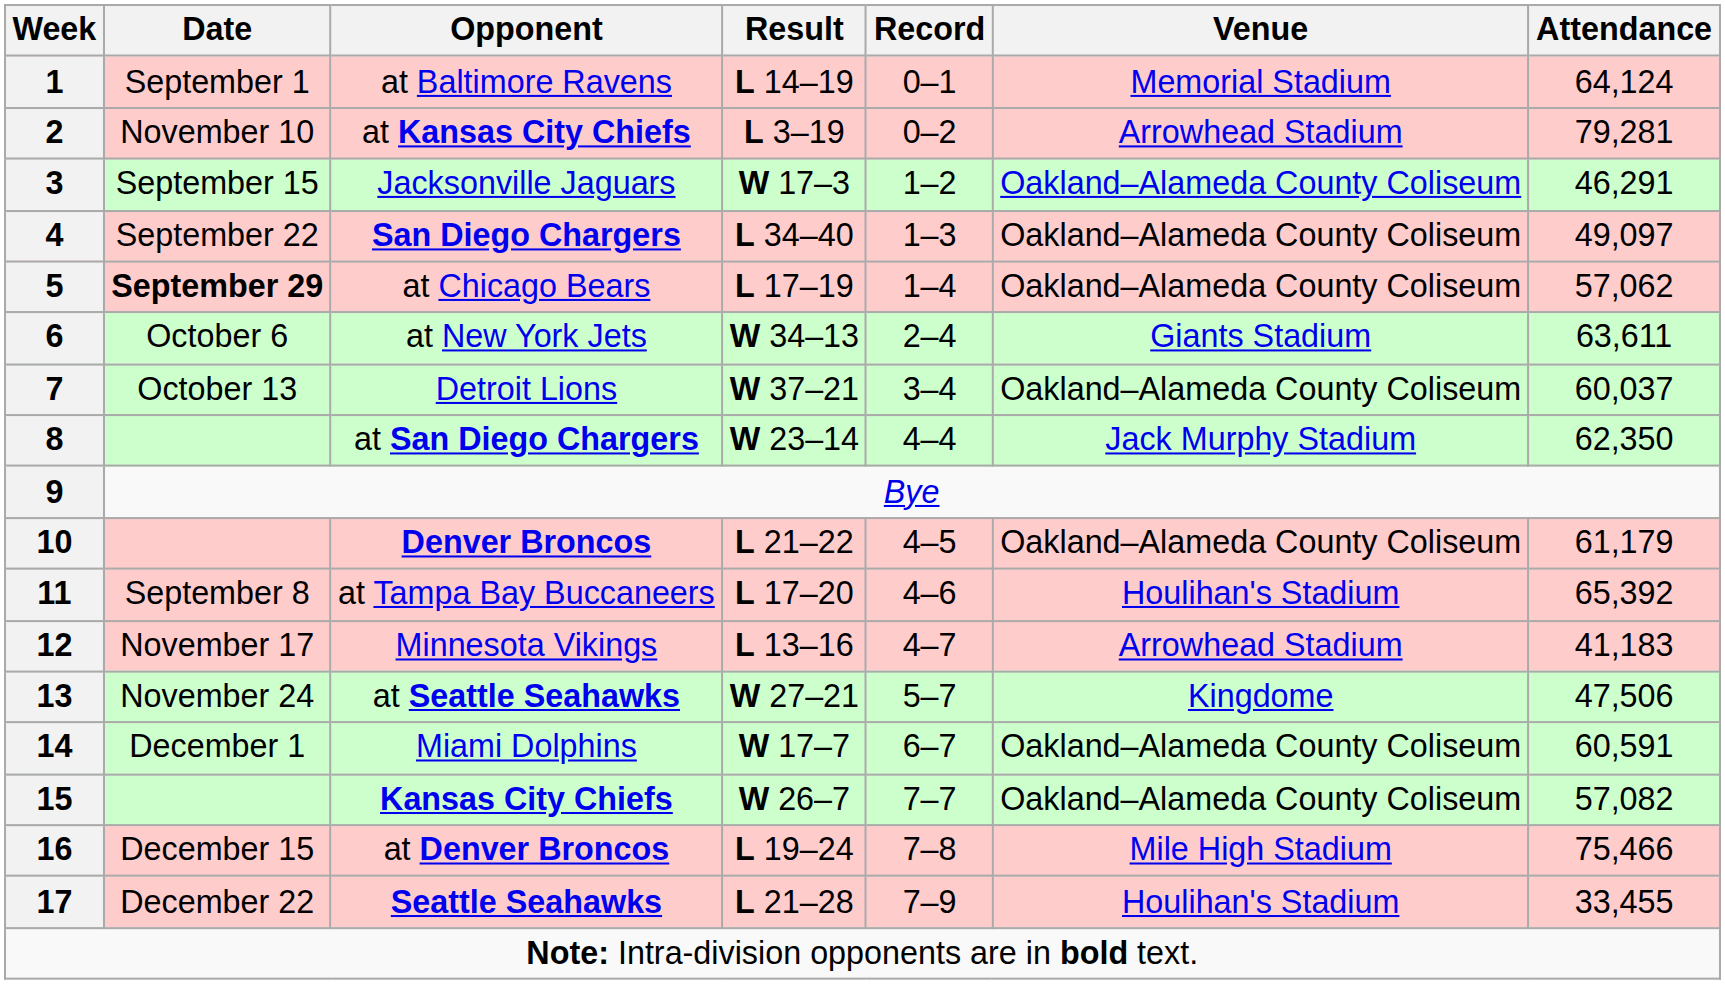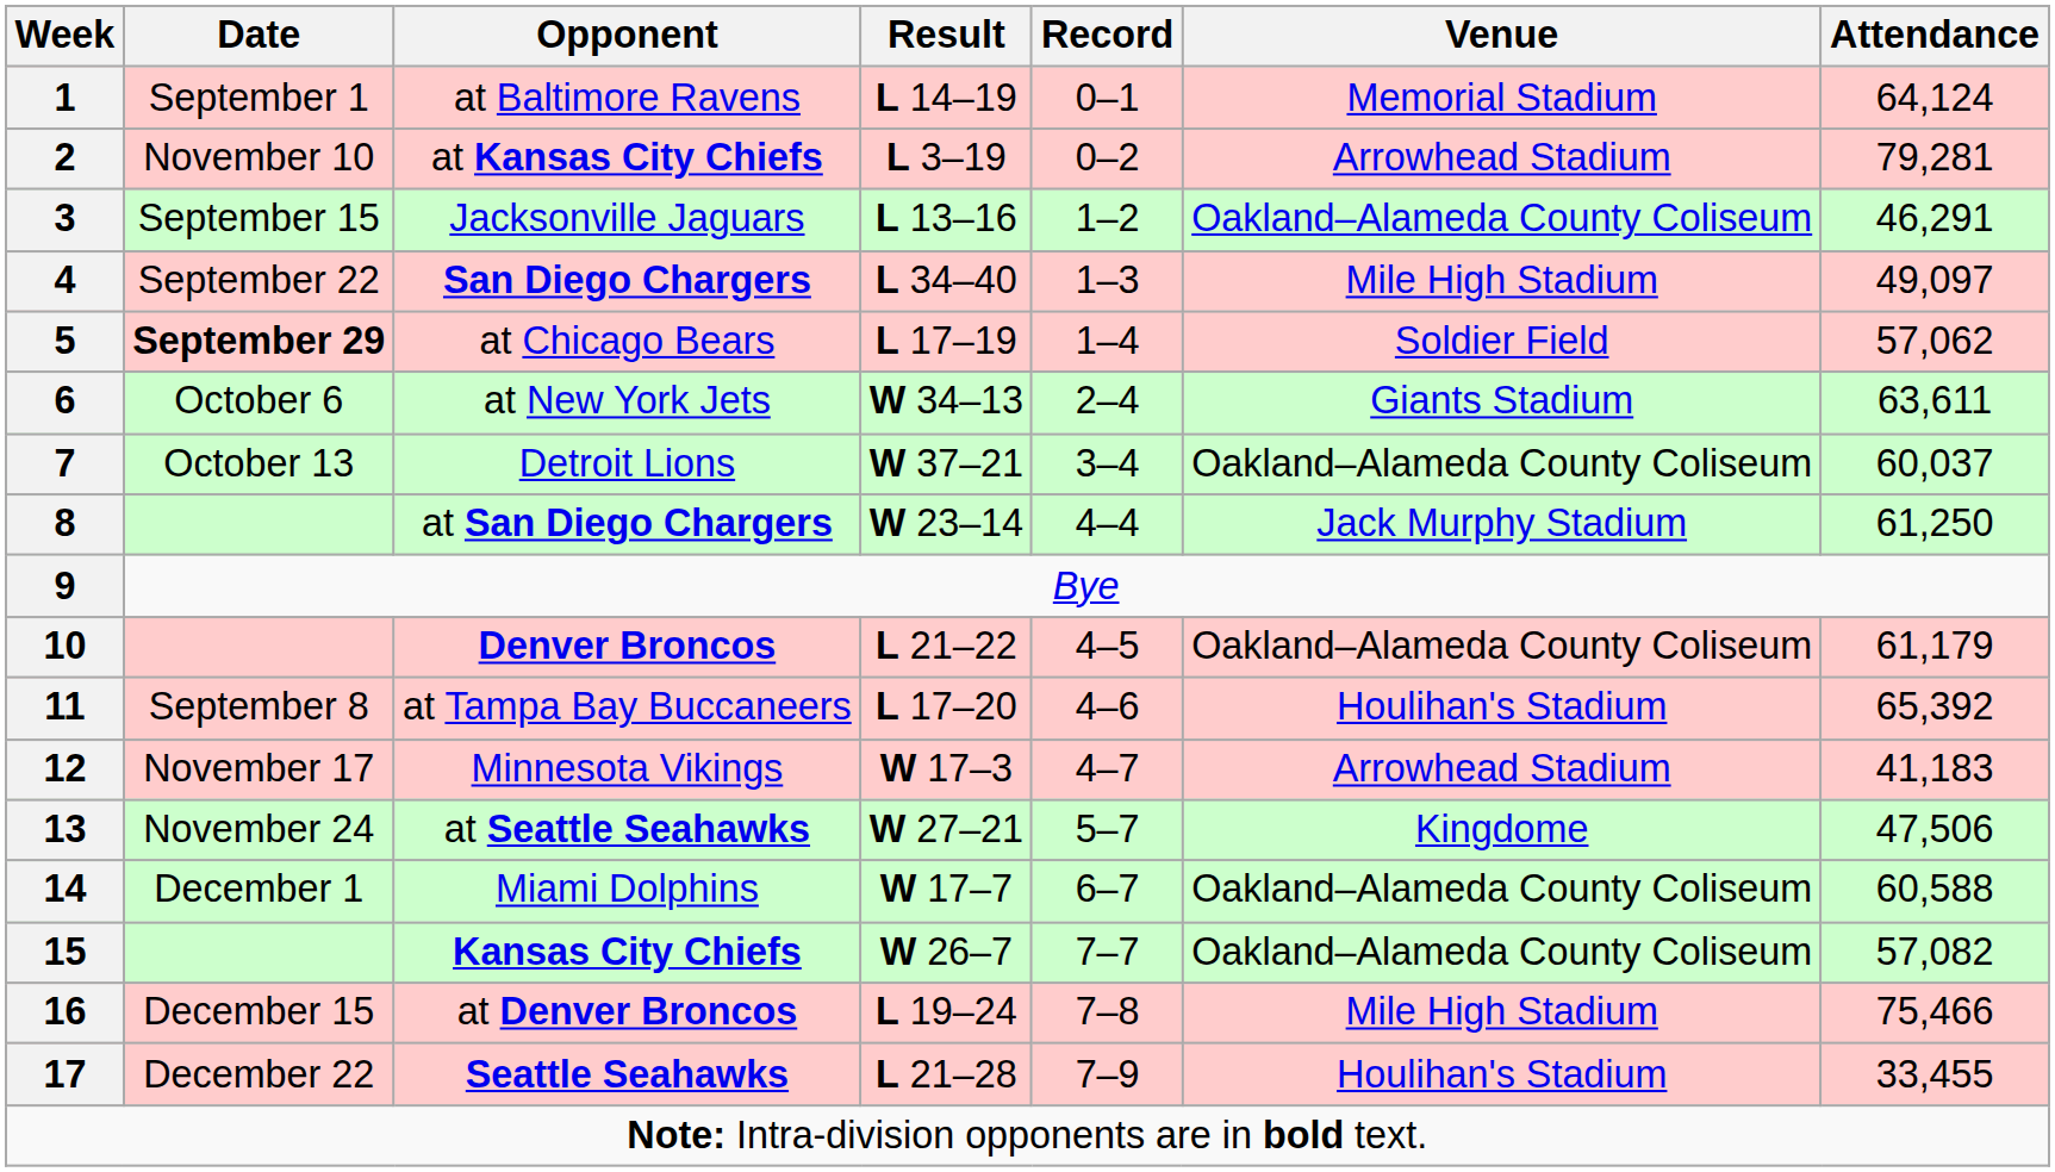 <table class="wikitable" style="text-align:center">
 <tr>
 <th>Week</th>
 <th>Date</th>
 <th>Opponent</th>
 <th>Result</th>
 <th>Record</th>
 <th>Venue</th>
 <th>Attendance</th>
 </tr>
 <tr style="background:#fcc">
 <th>1</th>
 <td>September 1</td>
 <td>at <a href='#'>Baltimore Ravens</a></td>
 <td><strong>L</strong> 14–19</td>
 <td>0–1</td>
 <td><a href='#'>Memorial Stadium</a></td>
 <td>64,124</td>
 </tr>
 <tr style="background:#fcc">
 <th>2</th>
 <td>November 10</td>
 <td>at <strong><a href='#'>Kansas City Chiefs</a></strong></td>
 <td><strong>L</strong> 3–19</td>
 <td>0–2</td>
 <td><a href='#'>Arrowhead Stadium</a></td>
 <td>79,281</td>
 </tr>
 <tr style="background:#cfc">
 <th>3</th>
 <td>September 15</td>
 <td><a href='#'>Jacksonville Jaguars</a></td>
-<td><strong>W</strong> 17–3</td>
+<td><strong>L</strong> 13–16</td>
 <td>1–2</td>
 <td><a href='#'>Oakland–Alameda County Coliseum</a></td>
 <td>46,291</td>
 </tr>
 <tr style="background:#fcc">
 <th>4</th>
 <td>September 22</td>
 <td><strong><a href='#'>San Diego Chargers</a></strong></td>
 <td><strong>L</strong> 34–40</td>
 <td>1–3</td>
-<td>Oakland–Alameda County Coliseum</td>
+<td><a href='#'>Mile High Stadium</a></td>
 <td>49,097</td>
 </tr>
 <tr style="background:#fcc">
 <th>5</th>
 <td><strong>September 29</strong></td>
 <td>at <a href='#'>Chicago Bears</a></td>
 <td><strong>L</strong> 17–19</td>
 <td>1–4</td>
-<td>Oakland–Alameda County Coliseum</td>
+<td><a href='#'>Soldier Field</a></td>
 <td>57,062</td>
 </tr>
 <tr style="background:#cfc">
 <th>6</th>
 <td>October 6</td>
 <td>at <a href='#'>New York Jets</a></td>
 <td><strong>W</strong> 34–13</td>
 <td>2–4</td>
 <td><a href='#'>Giants Stadium</a></td>
 <td>63,611</td>
 </tr>
 <tr style="background:#cfc">
 <th>7</th>
 <td>October 13</td>
 <td><a href='#'>Detroit Lions</a></td>
 <td><strong>W</strong> 37–21</td>
 <td>3–4</td>
 <td>Oakland–Alameda County Coliseum</td>
 <td>60,037</td>
 </tr>
 <tr style="background:#cfc">
 <th>8</th>
 <td></td>
 <td>at <strong><a href='#'>San Diego Chargers</a></strong></td>
 <td><strong>W</strong> 23–14</td>
 <td>4–4</td>
 <td><a href='#'>Jack Murphy Stadium</a></td>
-<td>62,350</td>
+<td>61,250</td>
 </tr>
 <tr>
 <th>9</th>
 <td colspan="6"><em><a href='#'>Bye</a></em></td>
 </tr>
 <tr style="background:#fcc">
 <th>10</th>
 <td></td>
 <td><strong><a href='#'>Denver Broncos</a></strong></td>
 <td><strong>L</strong> 21–22</td>
 <td>4–5</td>
 <td>Oakland–Alameda County Coliseum</td>
 <td>61,179</td>
 </tr>
 <tr style="background:#fcc">
 <th>11</th>
 <td>September 8</td>
 <td>at <a href='#'>Tampa Bay Buccaneers</a></td>
 <td><strong>L</strong> 17–20</td>
 <td>4–6</td>
 <td><a href='#'>Houlihan's Stadium</a></td>
 <td>65,392</td>
 </tr>
 <tr style="background:#fcc">
 <th>12</th>
 <td>November 17</td>
 <td><a href='#'>Minnesota Vikings</a></td>
-<td><strong>L</strong> 13–16</td>
+<td><strong>W</strong> 17–3</td>
 <td>4–7</td>
 <td><a href='#'>Arrowhead Stadium</a></td>
 <td>41,183</td>
 </tr>
 <tr style="background:#cfc">
 <th>13</th>
 <td>November 24</td>
 <td>at <strong><a href='#'>Seattle Seahawks</a></strong></td>
 <td><strong>W</strong> 27–21</td>
 <td>5–7</td>
 <td><a href='#'>Kingdome</a></td>
 <td>47,506</td>
 </tr>
 <tr style="background:#cfc">
 <th>14</th>
 <td>December 1</td>
 <td><a href='#'>Miami Dolphins</a></td>
 <td><strong>W</strong> 17–7</td>
 <td>6–7</td>
 <td>Oakland–Alameda County Coliseum</td>
-<td>60,591</td>
+<td>60,588</td>
 </tr>
 <tr style="background:#cfc">
 <th>15</th>
 <td></td>
 <td><strong><a href='#'>Kansas City Chiefs</a></strong></td>
 <td><strong>W</strong> 26–7</td>
 <td>7–7</td>
 <td>Oakland–Alameda County Coliseum</td>
 <td>57,082</td>
 </tr>
 <tr style="background:#fcc">
 <th>16</th>
 <td>December 15</td>
 <td>at <strong><a href='#'>Denver Broncos</a></strong></td>
 <td><strong>L</strong> 19–24</td>
 <td>7–8</td>
 <td><a href='#'>Mile High Stadium</a></td>
 <td>75,466</td>
 </tr>
 <tr style="background:#fcc">
 <th>17</th>
 <td>December 22</td>
 <td><strong><a href='#'>Seattle Seahawks</a></strong></td>
 <td><strong>L</strong> 21–28</td>
 <td>7–9</td>
 <td><a href='#'>Houlihan's Stadium</a></td>
 <td>33,455</td>
 </tr>
 <tr>
 <td colspan="8"><strong>Note:</strong> Intra-division opponents are in <strong>bold</strong> text.</td>
 </tr>
 </table>
